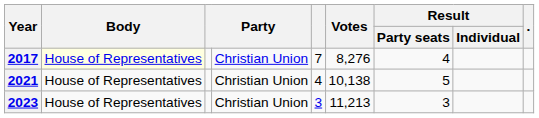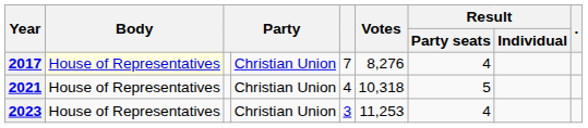 <table class="wikitable plainrowheaders sortable" border=2 cellpadding=4 cellspacing=0 style="border: 1px #aaa solid; font-size: 90%; text-align:center;">
 <tr>
 <th scope="col" rowspan=2>Year</th>
 <th scope="col" rowspan=2>Body</th>
 <th scope="col" colspan=2 rowspan=2>Party</th>
 <th scope="col" rowspan=2></th>
 <th scope="col" rowspan=2>Votes</th>
 <th scope="colgroup" colspan=2>Result</th>
 <th scope="col" rowspan=2 class="unsortable">.</th>
 </tr>
 <tr>
 <th scope="col">Party seats</th>
 <th scope="col">Individual</th>
 </tr>
 <tr>
 <th scope="row"><a href='#'>2017</a></th>
 <td style="background: lightyellow;"><a href='#'>House of Representatives</a></td>
 <td style="background-color:"></td>
 <td><a href='#'>Christian Union</a></td>
 <td style=text-align:right>7</td>
 <td style=text-align:right>8,276</td>
 <td style=text-align:right>4</td>
 <td></td>
 <td></td>
 </tr>
 <tr>
 <th scope="row"><a href='#'>2021</a></th>
 <td>House of Representatives</td>
 <td style="background-color:"></td>
 <td>Christian Union</td>
 <td style=text-align:right>4</td>
-<td style=text-align:right>10,138</td>
+<td style=text-align:right>10,318</td>
 <td style=text-align:right>5</td>
 <td></td>
 <td></td>
 </tr>
 <tr>
 <th scope="row"><a href='#'>2023</a></th>
 <td>House of Representatives</td>
 <td style="background-color:"></td>
 <td>Christian Union</td>
 <td style=text-align:right><a href='#'>3</a></td>
-<td style=text-align:right>11,213</td>
-<td style=text-align:right>3</td>
+<td style=text-align:right>11,253</td>
+<td style=text-align:right>4</td>
 <td></td>
 <td></td>
 </tr>
 </table>
